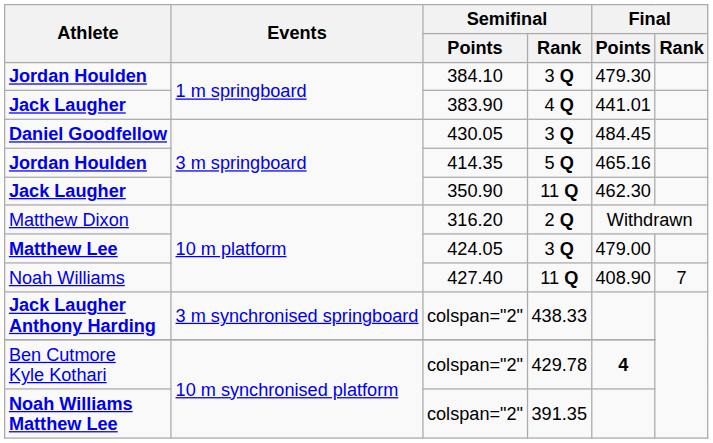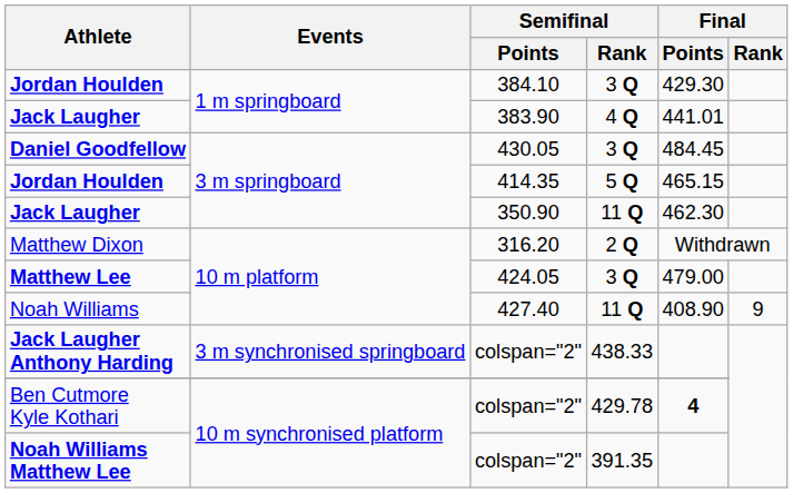 <table class=wikitable style="font-size:90%">
 <tr>
 <th rowspan="2">Athlete</th>
 <th rowspan="2">Events</th>
 <th colspan="2">Semifinal</th>
 <th colspan="2">Final</th>
 </tr>
 <tr>
 <th>Points</th>
 <th>Rank</th>
 <th>Points</th>
 <th>Rank</th>
 </tr>
 <tr align=center>
 <td align=left><strong><a href='#'>Jordan Houlden</a></strong></td>
 <td align=left rowspan=2><a href='#'>1 m springboard</a></td>
 <td>384.10</td>
 <td>3 <strong>Q</strong></td>
-<td>479.30</td>
+<td>429.30</td>
 <td></td>
 </tr>
 <tr align=center>
 <td align=left><strong><a href='#'>Jack Laugher</a></strong></td>
 <td>383.90</td>
 <td>4 <strong>Q</strong></td>
 <td>441.01</td>
 <td></td>
 </tr>
 <tr align=center>
 <td align=left><strong><a href='#'>Daniel Goodfellow</a></strong></td>
 <td align=left rowspan=3><a href='#'>3 m springboard</a></td>
 <td>430.05</td>
 <td>3 <strong>Q</strong></td>
 <td>484.45</td>
 <td></td>
 </tr>
 <tr align=center>
 <td align=left><strong><a href='#'>Jordan Houlden</a></strong></td>
 <td>414.35</td>
 <td>5 <strong>Q</strong></td>
-<td>465.16</td>
+<td>465.15</td>
 <td></td>
 </tr>
 <tr align=center>
 <td align=left><strong><a href='#'>Jack Laugher</a></strong></td>
 <td>350.90</td>
 <td>11 <strong>Q</strong></td>
 <td>462.30</td>
 <td></td>
 </tr>
 <tr align=center>
 <td align=left><a href='#'>Matthew Dixon</a></td>
 <td align=left rowspan=3><a href='#'>10 m platform</a></td>
 <td>316.20</td>
 <td>2 <strong>Q</strong></td>
 <td colspan=2>Withdrawn</td>
 </tr>
 <tr align=center>
 <td align=left><strong><a href='#'>Matthew Lee</a></strong></td>
 <td>424.05</td>
 <td>3 <strong>Q</strong></td>
 <td>479.00</td>
 <td></td>
 </tr>
 <tr align=center>
 <td align=left><a href='#'>Noah Williams</a></td>
 <td>427.40</td>
 <td>11 <strong>Q</strong></td>
 <td>408.90</td>
-<td>7</td>
+<td>9</td>
 </tr>
 <tr align=center>
 <td align=left><strong><a href='#'>Jack Laugher</a></strong><br><strong><a href='#'>Anthony Harding</a></strong></td>
 <td align=left><a href='#'>3 m synchronised springboard</a></td>
 <td>colspan="2" </td>
 <td>438.33</td>
 <td></td>
 </tr>
 <tr align=center>
 </tr>
 <tr align=center>
 <td align=left><a href='#'>Ben Cutmore</a><br><a href='#'>Kyle Kothari</a></td>
 <td align=left rowspan=2><a href='#'>10 m synchronised platform</a></td>
 <td>colspan="2" </td>
 <td>429.78</td>
 <td><strong>4</strong></td>
 </tr>
 <tr align=center>
 <td align=left><strong><a href='#'>Noah Williams</a></strong><br><strong><a href='#'>Matthew Lee</a></strong></td>
 <td>colspan="2" </td>
 <td>391.35</td>
 <td></td>
 </tr>
 </table>
